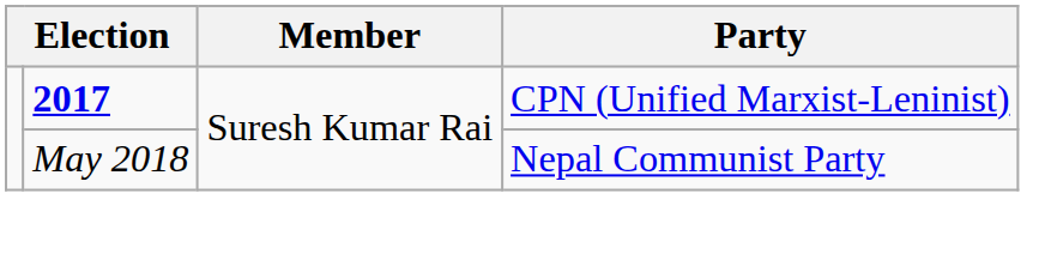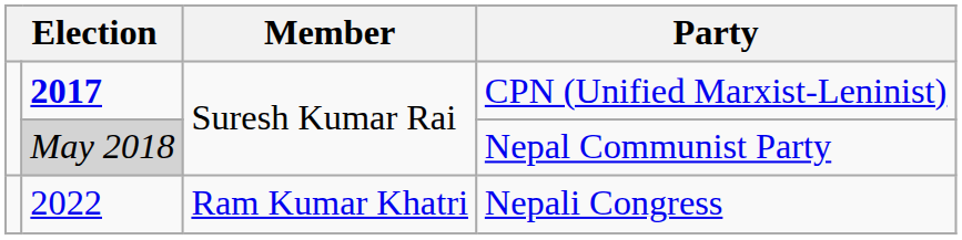 <table class="wikitable">
 <tr>
 <th colspan="2">Election</th>
 <th>Member</th>
 <th>Party</th>
 </tr>
 <tr>
 <td rowspan="2" style="background-color:"></td>
 <td><strong><a href='#'>2017</a></strong></td>
 <td rowspan="2">Suresh Kumar Rai</td>
 <td><a href='#'>CPN (Unified Marxist-Leninist)</a></td>
 </tr>
 <tr>
-<td><em>May 2018</em></td>
+<td style="background: lightgrey;"><em>May 2018</em></td>
 <td><a href='#'>Nepal Communist Party</a></td>
 </tr>
+<tr>
+<td style="background-color:"></td>
+<td><a href='#'>2022</a></td>
+<td><a href='#'>Ram Kumar Khatri</a></td>
+<td><a href='#'>Nepali Congress</a></td>
+</tr>
 </table>
